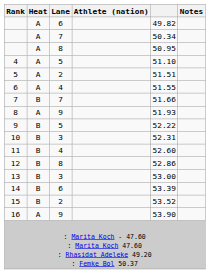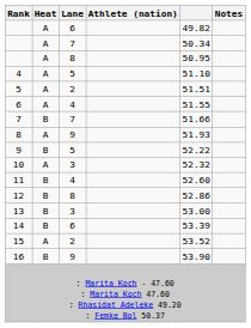 <table class="wikitable sortable" style="text-align:center">
 <tr>
 <th scope="col">Rank</th>
 <th scope="col">Heat</th>
 <th scope="col">Lane</th>
 <th scope="col">Athlete (nation)</th>
 <th scope="col"></th>
 <th scope="col">Notes</th>
 </tr>
 <tr>
 <td></td>
 <td>A</td>
 <td>6</td>
 <td style="text-align:left"></td>
 <td>49.82</td>
 <td></td>
 </tr>
 <tr>
 <td></td>
 <td>A</td>
 <td>7</td>
 <td style="text-align:left"></td>
 <td>50.34</td>
 <td></td>
 </tr>
 <tr>
 <td></td>
 <td>A</td>
 <td>8</td>
 <td style="text-align:left"></td>
 <td>50.95</td>
 <td></td>
 </tr>
 <tr>
 <td>4</td>
 <td>A</td>
 <td>5</td>
 <td style="text-align:left"></td>
 <td>51.10</td>
 <td></td>
 </tr>
 <tr>
 <td>5</td>
 <td>A</td>
 <td>2</td>
 <td style="text-align:left"></td>
 <td>51.51</td>
 <td></td>
 </tr>
 <tr>
 <td>6</td>
 <td>A</td>
 <td>4</td>
 <td style="text-align:left"></td>
 <td>51.55</td>
 <td></td>
 </tr>
 <tr>
 <td>7</td>
 <td>B</td>
 <td>7</td>
 <td style="text-align:left"></td>
 <td>51.66</td>
 <td></td>
 </tr>
 <tr>
 <td>8</td>
 <td>A</td>
 <td>9</td>
 <td style="text-align:left"></td>
 <td>51.93</td>
 <td></td>
 </tr>
 <tr>
 <td>9</td>
 <td>B</td>
 <td>5</td>
 <td style="text-align:left"></td>
 <td>52.22</td>
 <td></td>
 </tr>
 <tr>
 <td>10</td>
-<td>B</td>
+<td>A</td>
 <td>3</td>
 <td style="text-align:left"></td>
-<td>52.31</td>
+<td>52.32</td>
 <td></td>
 </tr>
 <tr>
 <td>11</td>
 <td>B</td>
 <td>4</td>
 <td style="text-align:left"></td>
 <td>52.60</td>
 <td></td>
 </tr>
 <tr>
 <td>12</td>
 <td>B</td>
 <td>8</td>
 <td style="text-align:left"></td>
 <td>52.86</td>
 <td></td>
 </tr>
 <tr>
 <td>13</td>
 <td>B</td>
 <td>3</td>
 <td style="text-align:left"></td>
 <td>53.00</td>
 <td></td>
 </tr>
 <tr>
 <td>14</td>
 <td>B</td>
 <td>6</td>
 <td style="text-align:left"></td>
 <td>53.39</td>
 <td></td>
 </tr>
 <tr>
 <td>15</td>
-<td>B</td>
+<td>A</td>
 <td>2</td>
 <td style="text-align:left"></td>
 <td>53.52</td>
 <td></td>
 </tr>
 <tr>
 <td>16</td>
-<td>A</td>
+<td>B</td>
 <td>9</td>
 <td style="text-align:left"></td>
 <td>53.90</td>
 <td></td>
 </tr>
 <tr class="sortbottom">
 <td colspan="7" bgcolor="#cccccc"><br> <small>:   <a href='#'>Marita Koch</a> - 47.60<br>:  <a href='#'>Marita Koch</a> 47.60<br></small> <small>:   <a href='#'>Rhasidat Adeleke</a> 49.20<br>:  <a href='#'>Femke Bol</a> 50.37</small></td>
 </tr>
 </table>
